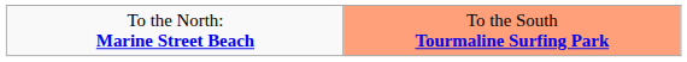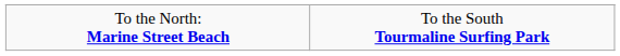 <table class="wikitable" style="margin: 0.5em auto; clear: both; font-size:95%;">
 <tr style="text-align: center;">
 </tr>
 <tr style="text-align: center;">
 <td width="30%" align="center" rowspan="1">To the North:<br><strong><a href='#'>Marine Street Beach</a></strong><br></td>
-<td width="30%" align="center" rowspan="1" style="background: lightsalmon;">To the South<br><strong><a href='#'>Tourmaline Surfing Park</a></strong></td>
+<td width="30%" align="center" rowspan="1">To the South<br><strong><a href='#'>Tourmaline Surfing Park</a></strong></td>
 </tr>
 </table>
